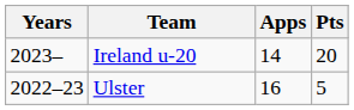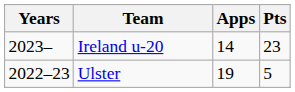 <table class="wikitable" style="text-align:left;">
 <tr>
 <th>Years</th>
 <th width=120px>Team</th>
 <th>Apps</th>
 <th>Pts</th>
 </tr>
 <tr>
 <td>2023–</td>
 <td><a href='#'>Ireland u-20</a></td>
 <td>14</td>
-<td>20</td>
+<td>23</td>
 </tr>
 <tr>
 <td>2022–23</td>
 <td><a href='#'>Ulster</a></td>
-<td>16</td>
+<td>19</td>
 <td>5</td>
 </tr>
 </table>
